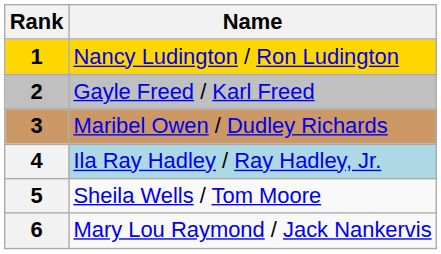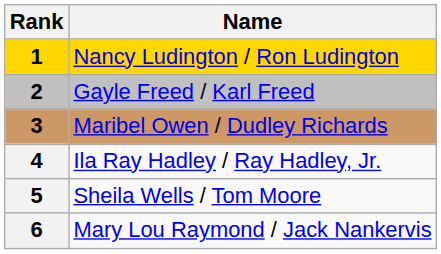 <table class="wikitable">
 <tr>
 <th>Rank</th>
 <th>Name</th>
 </tr>
 <tr bgcolor="gold">
 <td align="center"><strong>1</strong></td>
 <td><a href='#'>Nancy Ludington</a> / <a href='#'>Ron Ludington</a></td>
 </tr>
 <tr bgcolor="silver">
 <td align="center"><strong>2</strong></td>
 <td><a href='#'>Gayle Freed</a> / <a href='#'>Karl Freed</a></td>
 </tr>
 <tr bgcolor="cc9966">
 <td align="center"><strong>3</strong></td>
 <td><a href='#'>Maribel Owen</a> / <a href='#'>Dudley Richards</a></td>
 </tr>
 <tr>
 <th>4</th>
-<td style="background: lightblue;"><a href='#'>Ila Ray Hadley</a> / <a href='#'>Ray Hadley, Jr.</a></td>
+<td><a href='#'>Ila Ray Hadley</a> / <a href='#'>Ray Hadley, Jr.</a></td>
 </tr>
 <tr>
 <th>5</th>
 <td><a href='#'>Sheila Wells</a> / <a href='#'>Tom Moore</a></td>
 </tr>
 <tr>
 <th>6</th>
 <td><a href='#'>Mary Lou Raymond</a> / <a href='#'>Jack Nankervis</a></td>
 </tr>
 </table>
